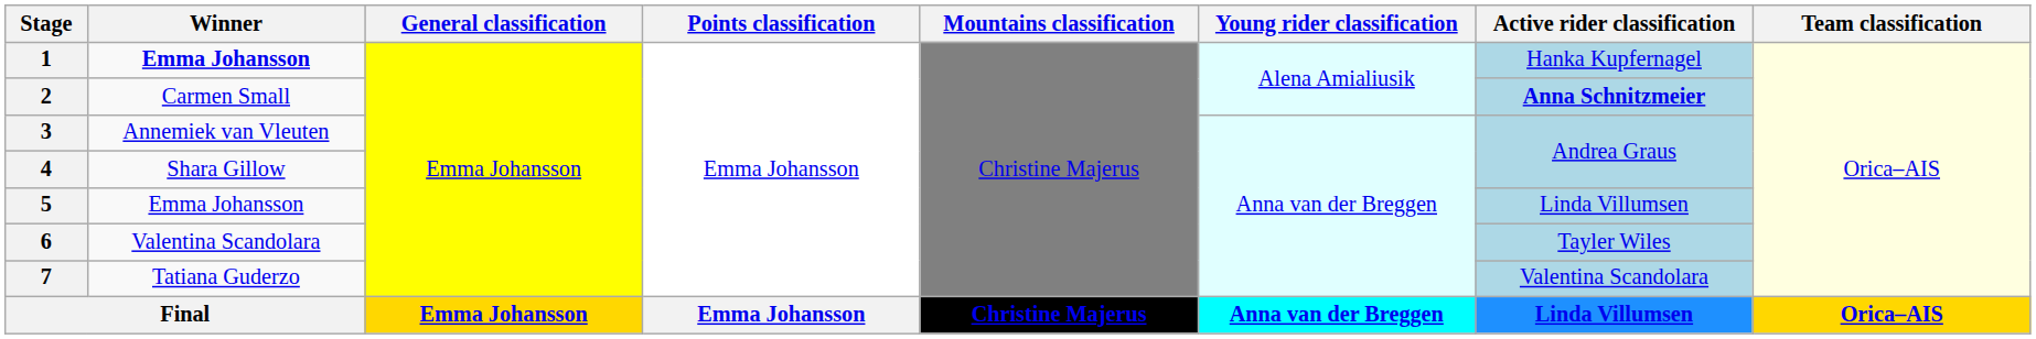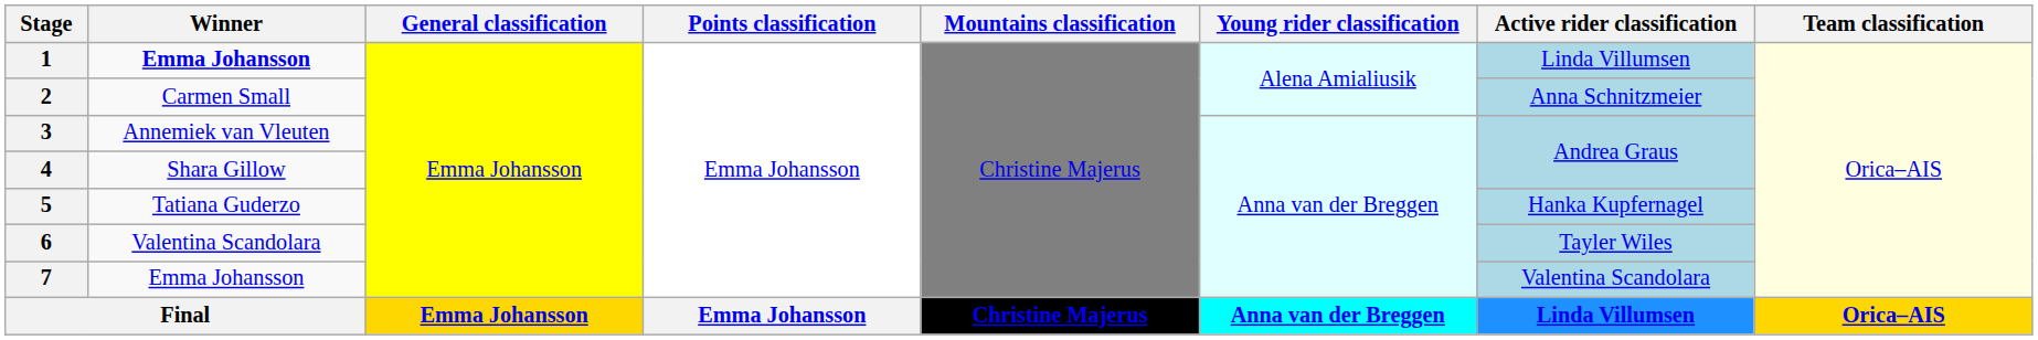 <table class="wikitable" style="text-align: center; font-size:86%;">
 <tr style="background-color: #efefef;">
 <th width="1%">Stage</th>
 <th width="7%">Winner</th>
 <th width="7%"><a href='#'>General classification</a><br></th>
 <th width="7%"><a href='#'>Points classification</a><br></th>
 <th width="7%"><a href='#'>Mountains classification</a><br></th>
 <th width="7%"><a href='#'>Young rider classification</a><br></th>
 <th width="7%">Active rider classification<br></th>
 <th width="7%">Team classification<br></th>
 </tr>
 <tr>
 <th>1</th>
 <td><strong><a href='#'>Emma Johansson</a></strong></td>
 <td style="background:yellow;" rowspan="7"><a href='#'>Emma Johansson</a></td>
 <td style="background:white;" rowspan="7"><a href='#'>Emma Johansson</a></td>
 <td style="background:grey;" rowspan="7"><a href='#'>Christine Majerus</a></td>
 <td style="background:lightcyan;" rowspan="2"><a href='#'>Alena Amialiusik</a></td>
-<td style="background:lightblue;"><a href='#'>Hanka Kupfernagel</a></td>
+<td style="background:lightblue;"><a href='#'>Linda Villumsen</a></td>
 <td style="background:lightyellow;" rowspan="7"><a href='#'>Orica–AIS</a></td>
 </tr>
 <tr>
 <th>2</th>
 <td><a href='#'>Carmen Small</a></td>
-<td style="background:lightblue;"><strong><a href='#'>Anna Schnitzmeier</a></strong></td>
+<td style="background:lightblue;"><a href='#'>Anna Schnitzmeier</a></td>
 </tr>
 <tr>
 <th>3</th>
 <td><a href='#'>Annemiek van Vleuten</a></td>
 <td style="background:lightcyan;" rowspan="5"><a href='#'>Anna van der Breggen</a></td>
 <td style="background:lightblue;" rowspan="2"><a href='#'>Andrea Graus</a></td>
 </tr>
 <tr>
 <th>4</th>
 <td><a href='#'>Shara Gillow</a></td>
 </tr>
 <tr>
 <th>5</th>
-<td><a href='#'>Emma Johansson</a></td>
-<td style="background:lightblue;"><a href='#'>Linda Villumsen</a></td>
+<td><a href='#'>Tatiana Guderzo</a></td>
+<td style="background:lightblue;"><a href='#'>Hanka Kupfernagel</a></td>
 </tr>
 <tr>
 <th>6</th>
 <td><a href='#'>Valentina Scandolara</a></td>
 <td style="background:lightblue;"><a href='#'>Tayler Wiles</a></td>
 </tr>
 <tr>
 <th>7</th>
-<td><a href='#'>Tatiana Guderzo</a></td>
+<td><a href='#'>Emma Johansson</a></td>
 <td style="background:lightblue;"><a href='#'>Valentina Scandolara</a></td>
 </tr>
 <tr>
 <th colspan=2><strong>Final</strong></th>
 <th style="background:gold"><a href='#'>Emma Johansson</a></th>
 <th style="background:offwhite"><a href='#'>Emma Johansson</a></th>
 <th style="background:black"><a href='#'>Christine Majerus</a></th>
 <th style="background:aqua;"><a href='#'>Anna van der Breggen</a></th>
 <th style="background:dodgerblue;"><a href='#'>Linda Villumsen</a></th>
 <th style="background:gold;"><a href='#'>Orica–AIS</a></th>
 </tr>
 </table>
